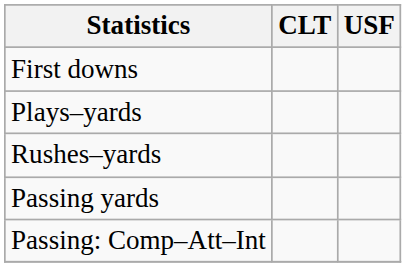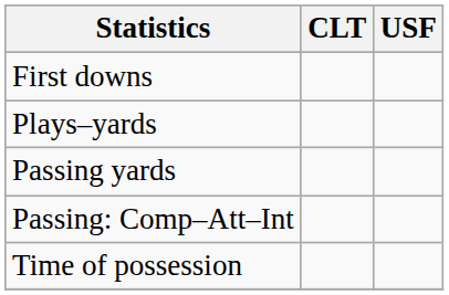 <table class="wikitable" style="float: left;">
 <tr>
 <th>Statistics</th>
 <th>CLT</th>
 <th>USF</th>
 </tr>
 <tr>
 <td>First downs</td>
 <td></td>
 <td></td>
 </tr>
 <tr>
 <td>Plays–yards</td>
 <td></td>
 <td></td>
 </tr>
 <tr>
-<td>Rushes–yards</td>
-<td></td>
-<td></td>
-</tr>
-<tr>
 <td>Passing yards</td>
 <td></td>
 <td></td>
 </tr>
 <tr>
 <td>Passing: Comp–Att–Int</td>
 <td></td>
 <td></td>
 </tr>
 <tr>
+<td>Time of possession</td>
+<td></td>
+<td></td>
+</tr>
+<tr>
 </tr>
 </table>
